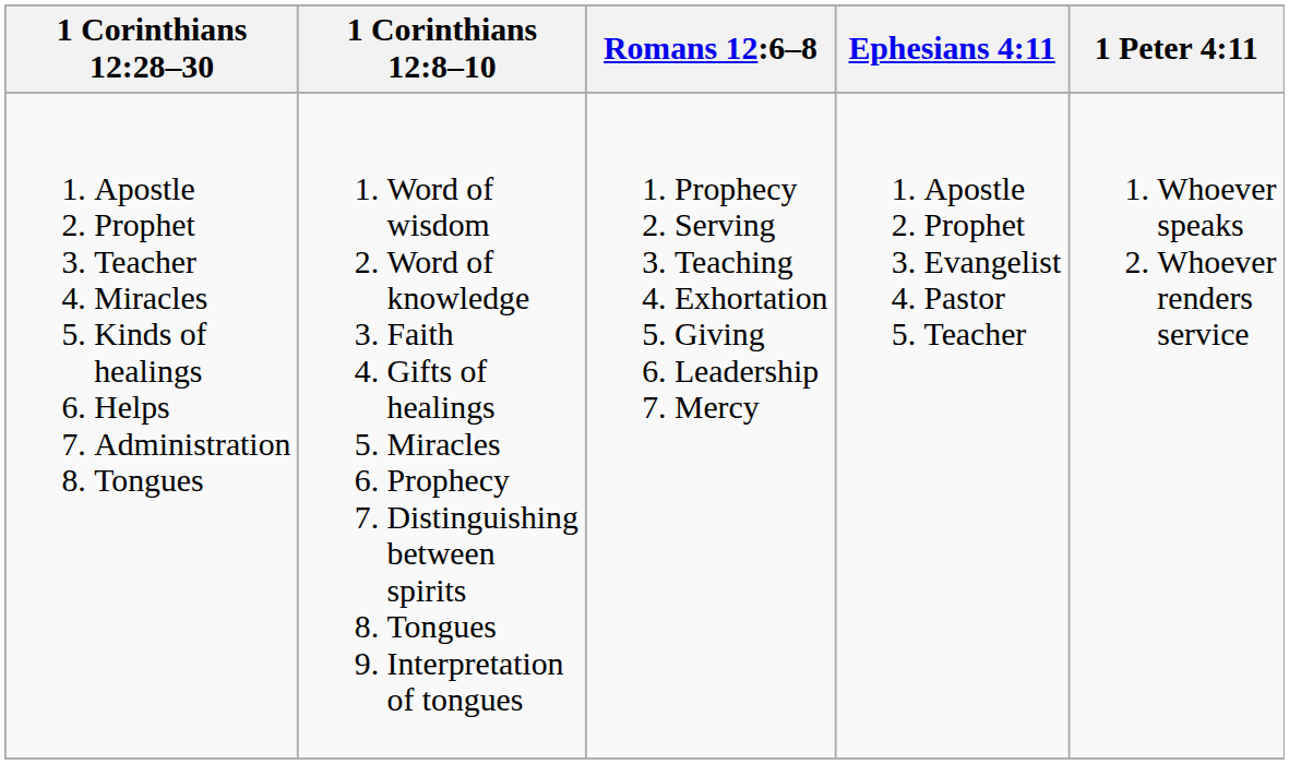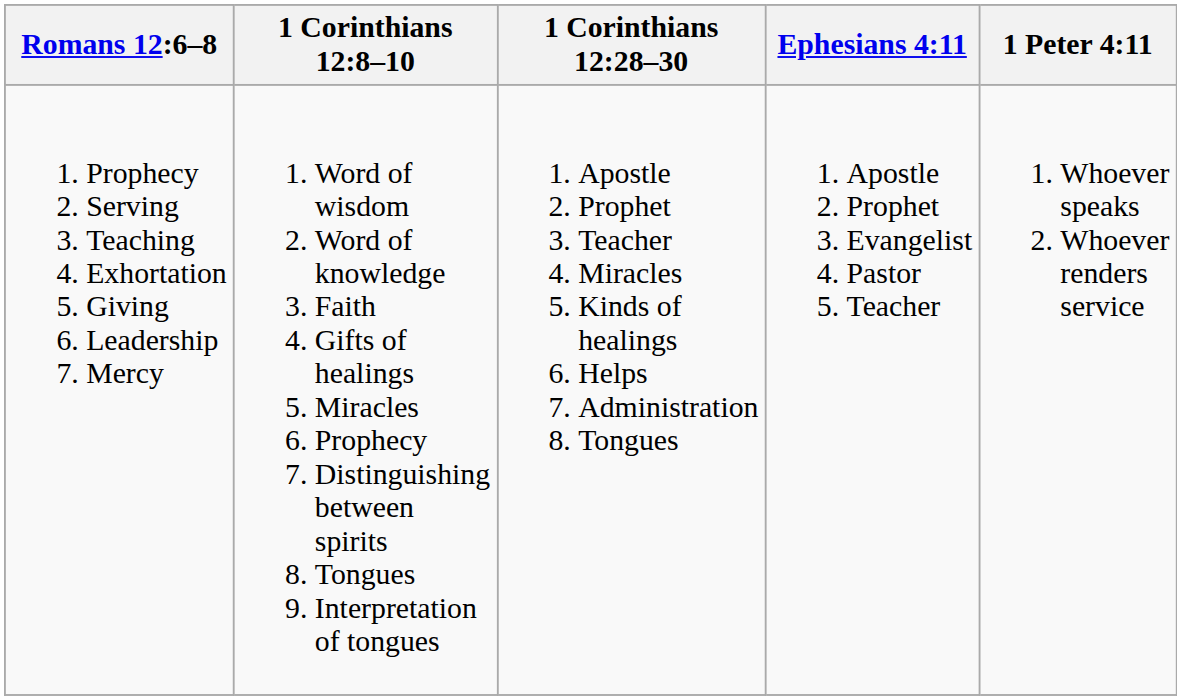 <table class="wikitable">
 <tr>
+<th><a href='#'>Romans 12</a>:6–8</th>
+<th>1 Corinthians 12:8–10</th>
 <th>1 Corinthians 12:28–30</th>
-<th>1 Corinthians 12:8–10</th>
-<th><a href='#'>Romans 12</a>:6–8</th>
 <th><a href='#'>Ephesians 4:11</a></th>
 <th>1 Peter 4:11</th>
 </tr>
 <tr>
+<td style="vertical-align: top"><br><ol><li>Prophecy</li><li>Serving</li><li>Teaching</li><li>Exhortation</li><li>Giving</li><li>Leadership</li><li>Mercy</li></ol></td>
+<td style="vertical-align: top"><br><ol><li>Word of wisdom</li><li>Word of knowledge</li><li>Faith</li><li>Gifts of healings</li><li>Miracles</li><li>Prophecy</li><li>Distinguishing between spirits</li><li>Tongues</li><li>Interpretation of tongues</li></ol></td>
 <td style="vertical-align: top"><br><ol><li>Apostle</li><li>Prophet</li><li>Teacher</li><li>Miracles</li><li>Kinds of healings</li><li>Helps</li><li>Administration</li><li>Tongues</li></ol></td>
-<td style="vertical-align: top"><br><ol><li>Word of wisdom</li><li>Word of knowledge</li><li>Faith</li><li>Gifts of healings</li><li>Miracles</li><li>Prophecy</li><li>Distinguishing between spirits</li><li>Tongues</li><li>Interpretation of tongues</li></ol></td>
-<td style="vertical-align: top"><br><ol><li>Prophecy</li><li>Serving</li><li>Teaching</li><li>Exhortation</li><li>Giving</li><li>Leadership</li><li>Mercy</li></ol></td>
 <td style="vertical-align: top"><br><ol><li>Apostle</li><li>Prophet</li><li>Evangelist</li><li>Pastor</li><li>Teacher</li></ol></td>
 <td style="vertical-align: top"><br><ol><li>Whoever speaks</li><li>Whoever renders service</li></ol></td>
 </tr>
 </table>
